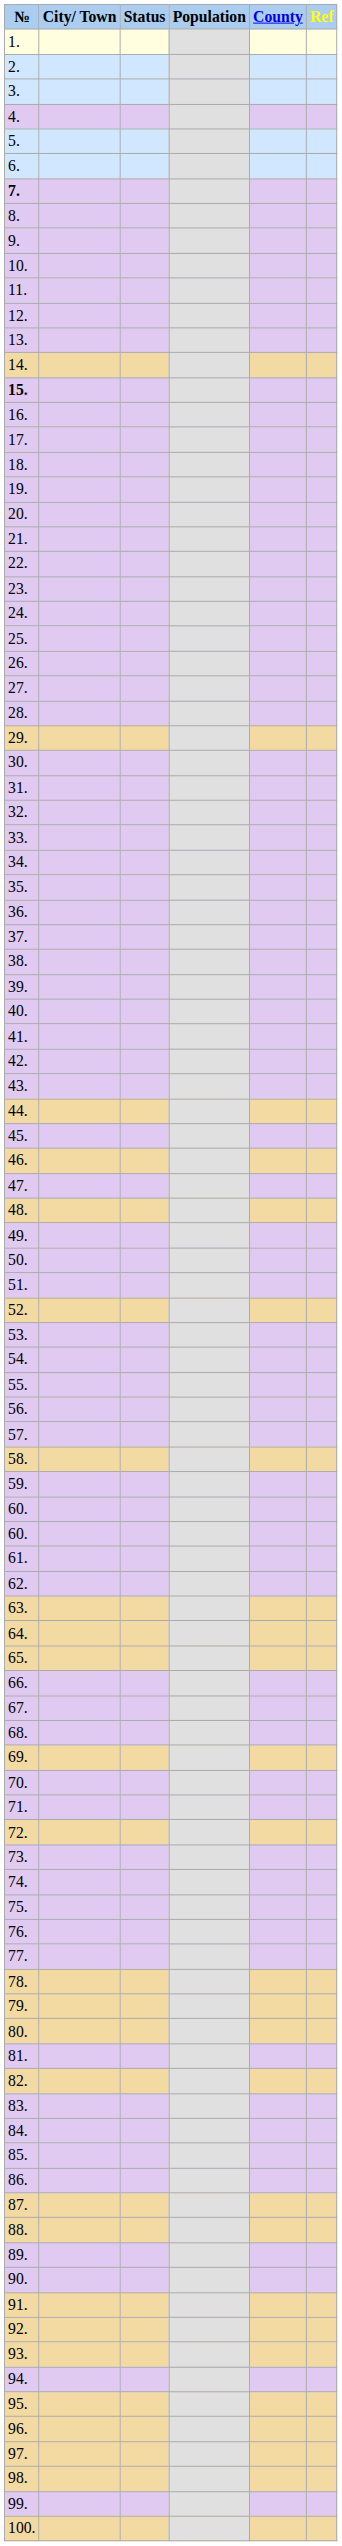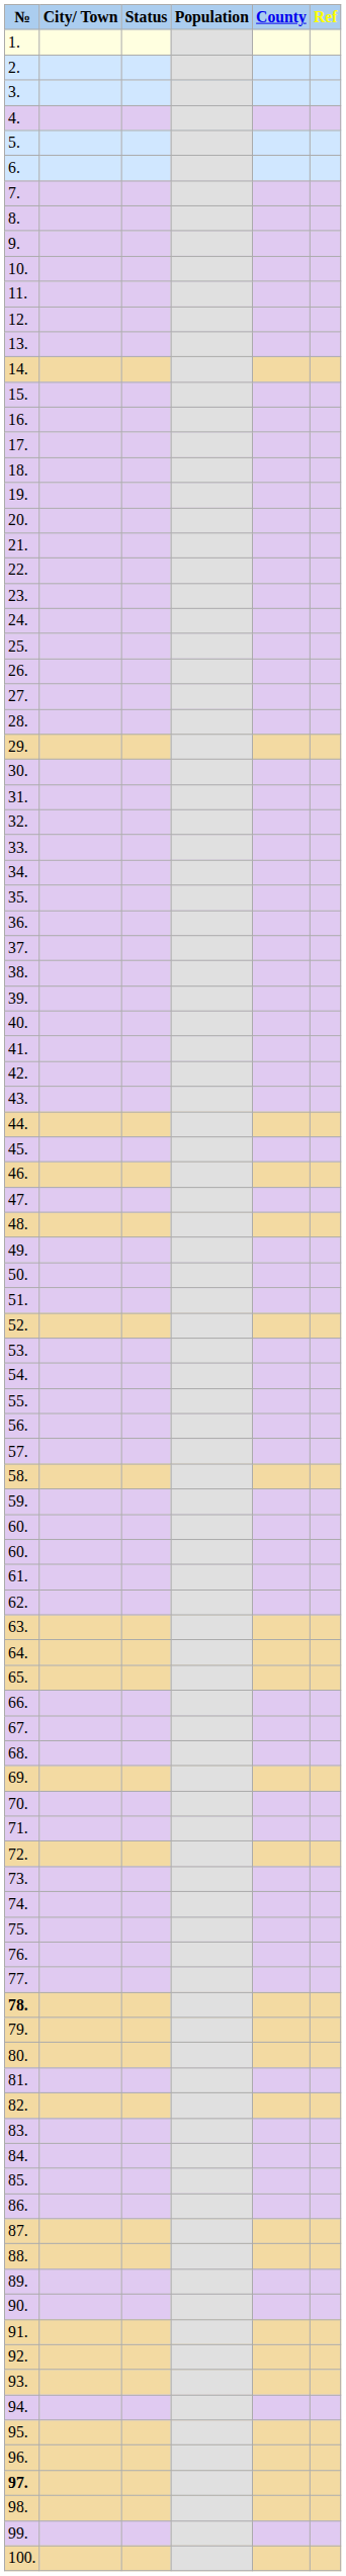 <table class="wikitable sortable">
 <tr ---->
 <th style="color: black; background-color: #ABCDEF">№</th>
 <th style="color: black; background-color: #ABCDEF">City/ Town</th>
 <th style="color: black; background-color: #ABCDEF">Status</th>
 <th style="color: black; background-color: #ABCDEF">Population</th>
 <th style="color: black; background-color: #ABCDEF"><a href='#'>County</a></th>
 <th style="color: yellow; background-color: #ABCDEF">Ref</th>
 </tr>
 <tr bgcolor="#FFFFE0">
 <td>1.</td>
 <td align=left> </td>
 <td></td>
 <td style="background-color:#E0E0E0;"></td>
 <td> </td>
 <td></td>
 </tr>
 <tr bgcolor="#D0E7FF">
 <td>2.</td>
 <td align=left> </td>
 <td></td>
 <td style="background-color:#E0E0E0;"></td>
 <td> </td>
 <td></td>
 </tr>
 <tr bgcolor="#D0E7FF">
 <td>3.</td>
 <td align=left></td>
 <td></td>
 <td style="background-color:#E0E0E0;"></td>
 <td></td>
 <td></td>
 </tr>
 <tr bgcolor="#E0CAF1">
 <td>4.</td>
 <td align=left></td>
 <td></td>
 <td style="background-color:#E0E0E0;"></td>
 <td></td>
 <td></td>
 </tr>
 <tr bgcolor="#D0E7FF">
 <td>5.</td>
 <td align=left></td>
 <td></td>
 <td style="background-color:#E0E0E0;"></td>
 <td></td>
 <td></td>
 </tr>
 <tr bgcolor="#D0E7FF">
 <td>6.</td>
 <td align=left></td>
 <td></td>
 <td style="background-color:#E0E0E0;"></td>
 <td></td>
 <td></td>
 </tr>
 <tr bgcolor="#E0CAF1">
-<td><strong>7.</strong></td>
+<td>7.</td>
 <td align="left"></td>
 <td></td>
 <td style="background-color:#E0E0E0;"></td>
 <td></td>
 <td></td>
 </tr>
 <tr bgcolor="#E0CAF1">
 <td>8.</td>
 <td align="left"></td>
 <td></td>
 <td style="background-color:#E0E0E0;"></td>
 <td></td>
 <td></td>
 </tr>
 <tr bgcolor="#E0CAF1">
 <td>9.</td>
 <td align=left></td>
 <td></td>
 <td style="background-color:#E0E0E0;"></td>
 <td></td>
 <td></td>
 </tr>
 <tr bgcolor="#E0CAF1">
 <td>10.</td>
 <td align=left></td>
 <td></td>
 <td style="background-color:#E0E0E0;"></td>
 <td></td>
 <td></td>
 </tr>
 <tr bgcolor="#E0CAF1">
 <td>11.</td>
 <td align=left></td>
 <td></td>
 <td style="background-color:#E0E0E0;"></td>
 <td></td>
 <td></td>
 </tr>
 <tr bgcolor="#E0CAF1">
 <td>12.</td>
 <td align=left></td>
 <td></td>
 <td style="background-color:#E0E0E0;"></td>
 <td></td>
 <td></td>
 </tr>
 <tr bgcolor="#E0CAF1">
 <td>13.</td>
 <td align=left></td>
 <td></td>
 <td style="background-color:#E0E0E0;"></td>
 <td></td>
 <td></td>
 </tr>
 <tr bgcolor="#F3DAA2">
 <td>14.</td>
 <td align=left></td>
 <td></td>
 <td style="background-color:#E0E0E0;"></td>
 <td></td>
 <td></td>
 </tr>
 <tr bgcolor="#E0CAF1">
-<td><strong>15.</strong></td>
+<td>15.</td>
 <td align=left></td>
 <td></td>
 <td style="background-color:#E0E0E0;"></td>
 <td></td>
 <td></td>
 </tr>
 <tr bgcolor="#E0CAF1">
 <td>16.</td>
 <td align=left></td>
 <td></td>
 <td style="background-color:#E0E0E0;"></td>
 <td align=left></td>
 <td></td>
 </tr>
 <tr bgcolor="#E0CAF1">
 <td>17.</td>
 <td align=left></td>
 <td></td>
 <td style="background-color:#E0E0E0;"></td>
 <td></td>
 <td></td>
 </tr>
 <tr bgcolor="#E0CAF1">
 <td>18.</td>
 <td align=left></td>
 <td></td>
 <td style="background-color:#E0E0E0;"></td>
 <td></td>
 <td></td>
 </tr>
 <tr bgcolor="#E0CAF1">
 <td>19.</td>
 <td align=left></td>
 <td></td>
 <td style="background-color:#E0E0E0;"></td>
 <td></td>
 <td></td>
 </tr>
 <tr bgcolor="#E0CAF1">
 <td>20.</td>
 <td align=left></td>
 <td></td>
 <td style="background-color:#E0E0E0;"></td>
 <td align="left"></td>
 <td></td>
 </tr>
 <tr bgcolor="#E0CAF1">
 <td>21.</td>
 <td align=left></td>
 <td></td>
 <td style="background-color:#E0E0E0;"></td>
 <td></td>
 <td></td>
 </tr>
 <tr bgcolor="#E0CAF1">
 <td>22.</td>
 <td align=left></td>
 <td></td>
 <td style="background-color:#E0E0E0;"></td>
 <td></td>
 <td></td>
 </tr>
 <tr bgcolor="#E0CAF1">
 <td>23.</td>
 <td align=left></td>
 <td></td>
 <td style="background-color:#E0E0E0;"></td>
 <td></td>
 <td></td>
 </tr>
 <tr bgcolor="#E0CAF1">
 <td>24.</td>
 <td align=left></td>
 <td></td>
 <td style="background-color:#E0E0E0;"></td>
 <td></td>
 <td></td>
 </tr>
 <tr bgcolor="#E0CAF1">
 <td>25.</td>
 <td align=left></td>
 <td></td>
 <td style="background-color:#E0E0E0;"></td>
 <td align=left></td>
 <td></td>
 </tr>
 <tr bgcolor="#E0CAF1">
 <td>26.</td>
 <td align=left></td>
 <td></td>
 <td style="background-color:#E0E0E0;"></td>
 <td align=left></td>
 <td></td>
 </tr>
 <tr bgcolor="#E0CAF1">
 <td>27.</td>
 <td align=left></td>
 <td></td>
 <td style="background-color:#E0E0E0;"></td>
 <td></td>
 <td></td>
 </tr>
 <tr bgcolor="#E0CAF1">
 <td>28.</td>
 <td align=left></td>
 <td></td>
 <td style="background-color:#E0E0E0;"></td>
 <td align=left></td>
 <td></td>
 </tr>
 <tr bgcolor="#F3DAA2">
 <td>29.</td>
 <td align=left></td>
 <td></td>
 <td style="background-color:#E0E0E0;"></td>
 <td align=left></td>
 <td></td>
 </tr>
 <tr bgcolor="#E0CAF1">
 <td>30.</td>
 <td align=left></td>
 <td></td>
 <td style="background-color:#E0E0E0;"></td>
 <td align=left></td>
 <td></td>
 </tr>
 <tr bgcolor="#E0CAF1">
 <td>31.</td>
 <td align=left></td>
 <td></td>
 <td style="background-color:#E0E0E0;"></td>
 <td></td>
 <td></td>
 </tr>
 <tr bgcolor="#E0CAF1">
 <td>32.</td>
 <td align=left></td>
 <td></td>
 <td style="background-color:#E0E0E0;"></td>
 <td></td>
 <td></td>
 </tr>
 <tr bgcolor="#E0CAF1">
 <td>33.</td>
 <td align=left></td>
 <td></td>
 <td style="background-color:#E0E0E0;"></td>
 <td></td>
 <td></td>
 </tr>
 <tr bgcolor="#E0CAF1">
 <td>34.</td>
 <td align=left></td>
 <td></td>
 <td style="background-color:#E0E0E0;"></td>
 <td></td>
 <td></td>
 </tr>
 <tr bgcolor="#E0CAF1">
 <td>35.</td>
 <td align=left></td>
 <td></td>
 <td style="background-color:#E0E0E0;"></td>
 <td></td>
 <td></td>
 </tr>
 <tr bgcolor="#E0CAF1">
 <td>36.</td>
 <td align=left></td>
 <td></td>
 <td style="background-color:#E0E0E0;"></td>
 <td></td>
 <td></td>
 </tr>
 <tr bgcolor="#E0CAF1">
 <td>37.</td>
 <td align=left></td>
 <td></td>
 <td style="background-color:#E0E0E0;"></td>
 <td></td>
 <td></td>
 </tr>
 <tr bgcolor="#E0CAF1">
 <td>38.</td>
 <td align=left></td>
 <td></td>
 <td style="background-color:#E0E0E0;"></td>
 <td></td>
 <td></td>
 </tr>
 <tr bgcolor="#E0CAF1">
 <td>39.</td>
 <td align=left></td>
 <td></td>
 <td style="background-color:#E0E0E0;"></td>
 <td></td>
 <td></td>
 </tr>
 <tr bgcolor="#E0CAF1">
 <td>40.</td>
 <td align=left></td>
 <td></td>
 <td style="background-color:#E0E0E0;"></td>
 <td></td>
 <td></td>
 </tr>
 <tr bgcolor="#E0CAF1">
 <td>41.</td>
 <td align=left></td>
 <td></td>
 <td style="background-color:#E0E0E0;"></td>
 <td></td>
 <td></td>
 </tr>
 <tr bgcolor="#E0CAF1">
 <td>42.</td>
 <td align=left></td>
 <td></td>
 <td style="background-color:#E0E0E0;"></td>
 <td></td>
 <td></td>
 </tr>
 <tr bgcolor="#E0CAF1">
 <td>43.</td>
 <td align=left></td>
 <td></td>
 <td style="background-color:#E0E0E0;"></td>
 <td align=left></td>
 <td></td>
 </tr>
 <tr bgcolor="#F3DAA2">
 <td>44.</td>
 <td align=left></td>
 <td></td>
 <td style="background-color:#E0E0E0;"></td>
 <td align=left></td>
 <td></td>
 </tr>
 <tr bgcolor="#E0CAF1">
 <td>45.</td>
 <td align=left></td>
 <td></td>
 <td style="background-color:#E0E0E0;"></td>
 <td align=left></td>
 <td></td>
 </tr>
 <tr bgcolor="#F3DAA2">
 <td>46.</td>
 <td align=left></td>
 <td></td>
 <td style="background-color:#E0E0E0;"></td>
 <td align=left></td>
 <td></td>
 </tr>
 <tr bgcolor="#E0CAF1">
 <td>47.</td>
 <td align=left></td>
 <td></td>
 <td style="background-color:#E0E0E0;"></td>
 <td align=left></td>
 <td></td>
 </tr>
 <tr bgcolor="#F3DAA2">
 <td>48.</td>
 <td align=left></td>
 <td></td>
 <td style="background-color:#E0E0E0;"></td>
 <td></td>
 <td></td>
 </tr>
 <tr bgcolor="#E0CAF1">
 <td>49.</td>
 <td align=left></td>
 <td></td>
 <td style="background-color:#E0E0E0;"></td>
 <td></td>
 <td></td>
 </tr>
 <tr bgcolor="#E0CAF1">
 <td>50.</td>
 <td align=left></td>
 <td></td>
 <td style="background-color:#E0E0E0;"></td>
 <td align="left"></td>
 <td></td>
 </tr>
 <tr bgcolor="#E0CAF1">
 <td>51.</td>
 <td align=left></td>
 <td></td>
 <td style="background-color:#E0E0E0;"></td>
 <td align=left></td>
 <td></td>
 </tr>
 <tr bgcolor="#F3DAA2">
 <td>52.</td>
 <td align=left></td>
 <td></td>
 <td style="background-color:#E0E0E0;"></td>
 <td></td>
 <td></td>
 </tr>
 <tr bgcolor="#E0CAF1">
 <td>53.</td>
 <td align=left></td>
 <td></td>
 <td style="background-color:#E0E0E0;"></td>
 <td></td>
 <td></td>
 </tr>
 <tr bgcolor="#E0CAF1">
 <td>54.</td>
 <td align=left></td>
 <td></td>
 <td style="background-color:#E0E0E0;"></td>
 <td align=left></td>
 <td></td>
 </tr>
 <tr bgcolor="#E0CAF1">
 <td>55.</td>
 <td align=left></td>
 <td></td>
 <td style="background-color:#E0E0E0;"></td>
 <td align=left></td>
 <td></td>
 </tr>
 <tr bgcolor="#E0CAF1">
 <td>56.</td>
 <td align=left></td>
 <td></td>
 <td style="background-color:#E0E0E0;"></td>
 <td></td>
 <td></td>
 </tr>
 <tr bgcolor="#E0CAF1">
 <td>57.</td>
 <td align=left></td>
 <td></td>
 <td style="background-color:#E0E0E0;"></td>
 <td></td>
 <td></td>
 </tr>
 <tr bgcolor="#F3DAA2">
 <td>58.</td>
 <td align=left></td>
 <td></td>
 <td style="background-color:#E0E0E0;"></td>
 <td></td>
 <td></td>
 </tr>
 <tr bgcolor="#E0CAF1">
 <td>59.</td>
 <td align=left></td>
 <td></td>
 <td style="background-color:#E0E0E0;"></td>
 <td></td>
 <td></td>
 </tr>
 <tr bgcolor="#E0CAF1">
 <td>60.</td>
 <td align=left></td>
 <td></td>
 <td style="background-color:#E0E0E0;"></td>
 <td align=left></td>
 <td></td>
 </tr>
 <tr bgcolor="#E0CAF1">
 <td>60.</td>
 <td align=left></td>
 <td></td>
 <td style="background-color:#E0E0E0;"></td>
 <td></td>
 <td></td>
 </tr>
 <tr bgcolor="#E0CAF1">
 <td>61.</td>
 <td align=left></td>
 <td></td>
 <td style="background-color:#E0E0E0;"></td>
 <td></td>
 <td></td>
 </tr>
 <tr bgcolor="#E0CAF1">
 <td>62.</td>
 <td align=left></td>
 <td></td>
 <td style="background-color:#E0E0E0;"></td>
 <td align=left></td>
 <td></td>
 </tr>
 <tr bgcolor="#F3DAA2">
 <td>63.</td>
 <td align=left></td>
 <td></td>
 <td style="background-color:#E0E0E0;"></td>
 <td></td>
 <td></td>
 </tr>
 <tr bgcolor="#F3DAA2">
 <td>64.</td>
 <td align=left></td>
 <td></td>
 <td style="background-color:#E0E0E0;"></td>
 <td align=left></td>
 <td></td>
 </tr>
 <tr bgcolor="#F3DAA2">
 <td>65.</td>
 <td align=left></td>
 <td></td>
 <td style="background-color:#E0E0E0;"></td>
 <td></td>
 <td></td>
 </tr>
 <tr bgcolor="#E0CAF1">
 <td>66.</td>
 <td align=left></td>
 <td></td>
 <td style="background-color:#E0E0E0;"></td>
 <td></td>
 <td></td>
 </tr>
 <tr bgcolor="#E0CAF1">
 <td>67.</td>
 <td align=left></td>
 <td></td>
 <td style="background-color:#E0E0E0;"></td>
 <td></td>
 <td></td>
 </tr>
 <tr bgcolor="#E0CAF1">
 <td>68.</td>
 <td align=left></td>
 <td></td>
 <td style="background-color:#E0E0E0;"></td>
 <td></td>
 <td></td>
 </tr>
 <tr bgcolor="#F3DAA2">
 <td>69.</td>
 <td align=left></td>
 <td></td>
 <td style="background-color:#E0E0E0;"></td>
 <td></td>
 <td></td>
 </tr>
 <tr bgcolor="#E0CAF1">
 <td>70.</td>
 <td align=left></td>
 <td></td>
 <td style="background-color:#E0E0E0;"></td>
 <td></td>
 <td></td>
 </tr>
 <tr bgcolor="#E0CAF1">
 <td>71.</td>
 <td align=left></td>
 <td></td>
 <td style="background-color:#E0E0E0;"></td>
 <td></td>
 <td></td>
 </tr>
 <tr bgcolor="#F3DAA2">
 <td>72.</td>
 <td align=left></td>
 <td></td>
 <td style="background-color:#E0E0E0;"></td>
 <td></td>
 <td></td>
 </tr>
 <tr bgcolor="#E0CAF1">
 <td>73.</td>
 <td align=left></td>
 <td></td>
 <td style="background-color:#E0E0E0;"></td>
 <td></td>
 <td></td>
 </tr>
 <tr bgcolor="#E0CAF1">
 <td>74.</td>
 <td align=left></td>
 <td></td>
 <td style="background-color:#E0E0E0;"></td>
 <td></td>
 <td></td>
 </tr>
 <tr bgcolor="#E0CAF1">
 <td>75.</td>
 <td align=left></td>
 <td></td>
 <td style="background-color:#E0E0E0;"></td>
 <td></td>
 <td></td>
 </tr>
 <tr bgcolor="#E0CAF1">
 <td>76.</td>
 <td align=left></td>
 <td></td>
 <td style="background-color:#E0E0E0;"></td>
 <td></td>
 <td></td>
 </tr>
 <tr bgcolor="#E0CAF1">
 <td>77.</td>
 <td align=left></td>
 <td></td>
 <td style="background-color:#E0E0E0;"></td>
 <td align=left></td>
 <td></td>
 </tr>
 <tr bgcolor="#F3DAA2">
-<td>78.</td>
+<td><strong>78.</strong></td>
 <td align=left></td>
 <td></td>
 <td style="background-color:#E0E0E0;"></td>
 <td></td>
 <td></td>
 </tr>
 <tr bgcolor="#F3DAA2">
 <td>79.</td>
 <td align=left></td>
 <td></td>
 <td style="background-color:#E0E0E0;"></td>
 <td></td>
 <td></td>
 </tr>
 <tr bgcolor="#F3DAA2">
 <td>80.</td>
 <td align=left></td>
 <td></td>
 <td style="background-color:#E0E0E0;"></td>
 <td></td>
 <td></td>
 </tr>
 <tr bgcolor="#E0CAF1">
 <td>81.</td>
 <td align=left></td>
 <td></td>
 <td style="background-color:#E0E0E0;"></td>
 <td></td>
 <td></td>
 </tr>
 <tr bgcolor="#F3DAA2">
 <td>82.</td>
 <td align=left></td>
 <td></td>
 <td style="background-color:#E0E0E0;"></td>
 <td></td>
 <td></td>
 </tr>
 <tr bgcolor="#E0CAF1">
 <td>83.</td>
 <td align=left></td>
 <td></td>
 <td style="background-color:#E0E0E0;"></td>
 <td></td>
 <td></td>
 </tr>
 <tr bgcolor="#E0CAF1">
 <td>84.</td>
 <td align=left></td>
 <td></td>
 <td style="background-color:#E0E0E0;"></td>
 <td align=left></td>
 <td></td>
 </tr>
 <tr bgcolor="#E0CAF1">
 <td>85.</td>
 <td align=left></td>
 <td></td>
 <td style="background-color:#E0E0E0;"></td>
 <td></td>
 <td></td>
 </tr>
 <tr bgcolor="#E0CAF1">
 <td>86.</td>
 <td align=left></td>
 <td></td>
 <td style="background-color:#E0E0E0;"></td>
 <td></td>
 <td></td>
 </tr>
 <tr bgcolor="#F3DAA2">
 <td>87.</td>
 <td align=left></td>
 <td></td>
 <td style="background-color:#E0E0E0;"></td>
 <td></td>
 <td></td>
 </tr>
 <tr bgcolor="#F3DAA2">
 <td>88.</td>
 <td align=left></td>
 <td></td>
 <td style="background-color:#E0E0E0;"></td>
 <td></td>
 <td></td>
 </tr>
 <tr bgcolor="#E0CAF1">
 <td>89.</td>
 <td align=left></td>
 <td></td>
 <td style="background-color:#E0E0E0;"></td>
 <td></td>
 <td></td>
 </tr>
 <tr bgcolor="#E0CAF1">
 <td>90.</td>
 <td align=left></td>
 <td></td>
 <td style="background-color:#E0E0E0;"></td>
 <td></td>
 <td></td>
 </tr>
 <tr bgcolor="#F3DAA2">
 <td>91.</td>
 <td align=left></td>
 <td></td>
 <td style="background-color:#E0E0E0;"></td>
 <td></td>
 <td></td>
 </tr>
 <tr bgcolor="#F3DAA2">
 <td>92.</td>
 <td align=left></td>
 <td></td>
 <td style="background-color:#E0E0E0;"></td>
 <td></td>
 <td></td>
 </tr>
 <tr bgcolor="#F3DAA2">
 <td>93.</td>
 <td align=left></td>
 <td></td>
 <td style="background-color:#E0E0E0;"></td>
 <td></td>
 <td></td>
 </tr>
 <tr bgcolor="#E0CAF1">
 <td>94.</td>
 <td align=left></td>
 <td></td>
 <td style="background-color:#E0E0E0;"></td>
 <td></td>
 <td></td>
 </tr>
 <tr bgcolor="#F3DAA2">
 <td>95.</td>
 <td align=left></td>
 <td></td>
 <td style="background-color:#E0E0E0;"></td>
 <td></td>
 <td></td>
 </tr>
 <tr bgcolor="#F3DAA2">
 <td>96.</td>
 <td align=left></td>
 <td></td>
 <td style="background-color:#E0E0E0;"></td>
 <td></td>
 <td></td>
 </tr>
 <tr bgcolor="#F3DAA2">
-<td>97.</td>
+<td><strong>97.</strong></td>
 <td align=left></td>
 <td></td>
 <td style="background-color:#E0E0E0;"></td>
 <td></td>
 <td></td>
 </tr>
 <tr bgcolor="#F3DAA2">
 <td>98.</td>
 <td align=left></td>
 <td></td>
 <td style="background-color:#E0E0E0;"></td>
 <td></td>
 <td></td>
 </tr>
 <tr bgcolor="#E0CAF1">
 <td>99.</td>
 <td align=left></td>
 <td></td>
 <td style="background-color:#E0E0E0;"></td>
 <td></td>
 <td></td>
 </tr>
 <tr bgcolor="#F3DAA2">
 <td>100.</td>
 <td align=left></td>
 <td></td>
 <td style="background-color:#E0E0E0;"></td>
 <td></td>
 <td></td>
 </tr>
 </table>
